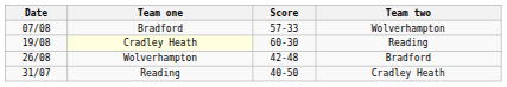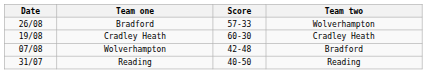 <table class="wikitable" style="text-align: center">
 <tr>
 <th width=80>Date</th>
 <th width=250>Team one</th>
 <th width=80>Score</th>
 <th width=250>Team two</th>
 </tr>
 <tr>
-<td>07/08</td>
+<td>26/08</td>
 <td>Bradford</td>
 <td>57-33</td>
 <td>Wolverhampton</td>
 </tr>
 <tr>
 <td>19/08</td>
-<td style="background: lightyellow;">Cradley Heath</td>
+<td>Cradley Heath</td>
 <td>60-30</td>
-<td>Reading</td>
+<td>Cradley Heath</td>
 </tr>
 <tr>
-<td>26/08</td>
+<td>07/08</td>
 <td>Wolverhampton</td>
 <td>42-48</td>
 <td>Bradford</td>
 </tr>
 <tr>
 <td>31/07</td>
 <td>Reading</td>
 <td>40-50</td>
-<td>Cradley Heath</td>
+<td>Reading</td>
 </tr>
 </table>
